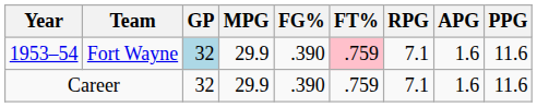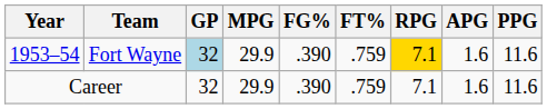 <table class="wikitable sortable" style="font-size:95%; text-align:right;">
 <tr>
 <th>Year</th>
 <th>Team</th>
 <th>GP</th>
 <th>MPG</th>
 <th>FG%</th>
 <th>FT%</th>
 <th>RPG</th>
 <th>APG</th>
 <th>PPG</th>
 </tr>
 <tr>
 <td style="text-align:left;"><a href='#'>1953–54</a></td>
 <td style="text-align:left;"><a href='#'>Fort Wayne</a></td>
 <td style="background: lightblue;">32</td>
 <td>29.9</td>
 <td>.390</td>
-<td style="background: pink;">.759</td>
-<td>7.1</td>
+<td>.759</td>
+<td style="background: gold;">7.1</td>
 <td>1.6</td>
 <td>11.6</td>
 </tr>
 <tr class="sortbottom">
 <td colspan="2" style="text-align:center;">Career</td>
 <td>32</td>
 <td>29.9</td>
 <td>.390</td>
 <td>.759</td>
 <td>7.1</td>
 <td>1.6</td>
 <td>11.6</td>
 </tr>
 </table>
